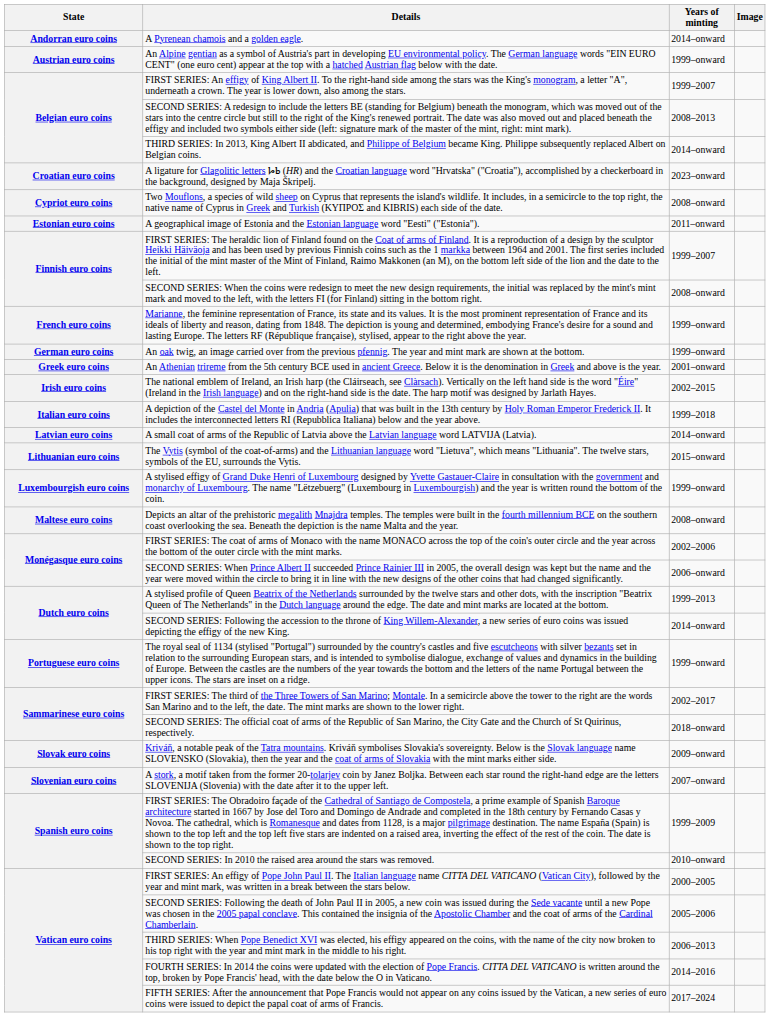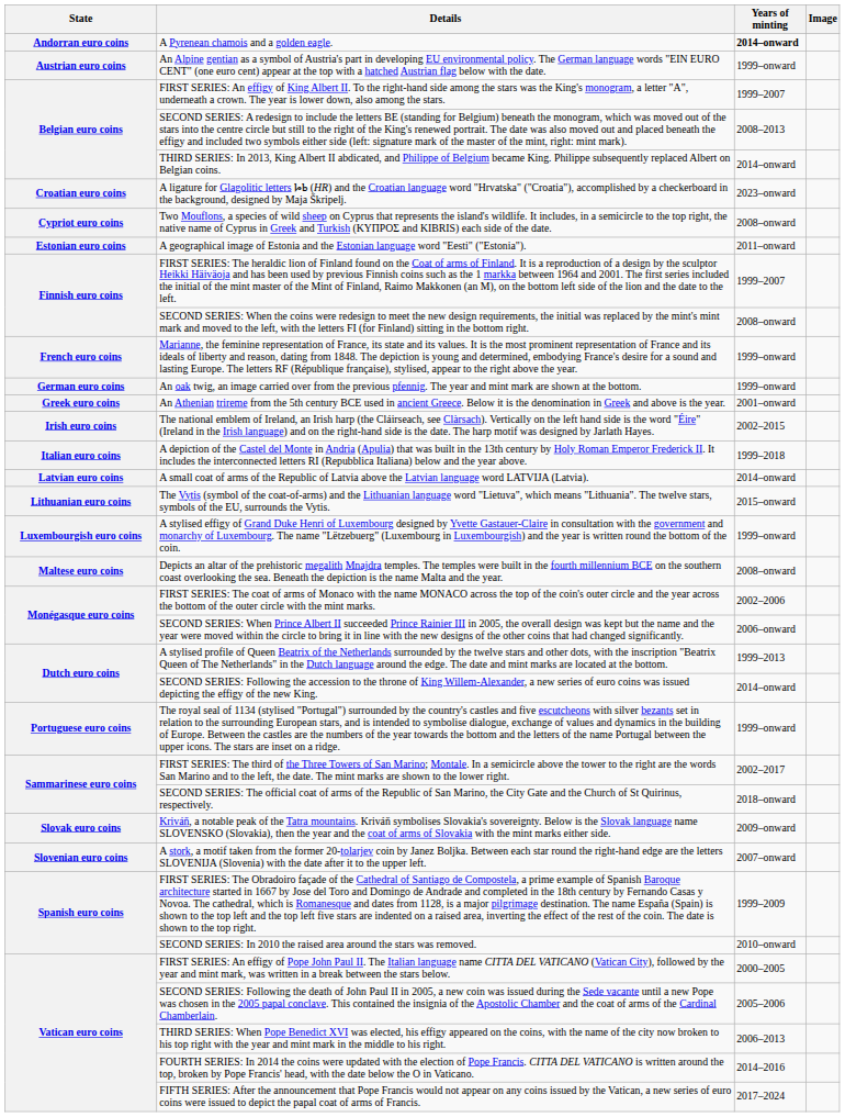 <table class="wikitable">
 <tr>
 <th width=220px>State</th>
 <th>Details</th>
 <th width=100px>Years of minting</th>
 <th>Image</th>
 </tr>
 <tr>
 <th> <a href='#'>Andorran euro coins</a></th>
 <td>A <a href='#'>Pyrenean chamois</a> and a <a href='#'>golden eagle</a>.</td>
-<td>2014–onward</td>
+<td><strong>2014–onward</strong></td>
 <td></td>
 </tr>
 <tr>
 <th> <a href='#'>Austrian euro coins</a></th>
 <td>An <a href='#'>Alpine</a> <a href='#'>gentian</a> as a symbol of Austria's part in developing <a href='#'>EU environmental policy</a>. The <a href='#'>German language</a> words "EIN EURO CENT" (one euro cent) appear at the top with a <a href='#'>hatched</a> <a href='#'>Austrian flag</a> below with the date.</td>
 <td>1999–onward</td>
 <td></td>
 </tr>
 <tr>
 <th rowspan=3> <a href='#'>Belgian euro coins</a></th>
 <td>FIRST SERIES: An <a href='#'>effigy</a> of <a href='#'>King Albert II</a>. To the right-hand side among the stars was the King's <a href='#'>monogram</a>, a letter "A", underneath a crown. The year is lower down, also among the stars.</td>
 <td>1999–2007</td>
 <td></td>
 </tr>
 <tr>
 <td>SECOND SERIES: A redesign to include the letters BE (standing for Belgium) beneath the monogram, which was moved out of the stars into the centre circle but still to the right of the King's renewed portrait. The date was also moved out and placed beneath the effigy and included two symbols either side (left: signature mark of the master of the mint, right: mint mark).</td>
 <td>2008–2013</td>
 <td></td>
 </tr>
 <tr>
 <td>THIRD SERIES: In 2013, King Albert II abdicated, and <a href='#'>Philippe of Belgium</a> became King. Philippe subsequently replaced Albert on Belgian coins.</td>
 <td>2014–onward</td>
 <td></td>
 </tr>
 <tr>
 <th> <a href='#'>Croatian euro coins</a></th>
 <td>A ligature for <a href='#'>Glagolitic letters</a> ⰘⰓ (<em>HR</em>) and the <a href='#'>Croatian language</a> word "Hrvatska" ("Croatia"), accomplished by a checkerboard in the background, designed by Maja Škripelj.</td>
 <td>2023–onward</td>
 <td></td>
 </tr>
 <tr>
 <th> <a href='#'>Cypriot euro coins</a></th>
 <td>Two <a href='#'>Mouflons</a>, a species of wild <a href='#'>sheep</a> on Cyprus that represents the island's wildlife. It includes, in a semicircle to the top right, the native name of Cyprus in <a href='#'>Greek</a> and <a href='#'>Turkish</a> (ΚΥΠΡΟΣ and KIBRIS) each side of the date.</td>
 <td>2008–onward</td>
 <td></td>
 </tr>
 <tr>
 <th> <a href='#'>Estonian euro coins</a></th>
 <td>A geographical image of Estonia and the <a href='#'>Estonian language</a> word "Eesti" ("Estonia").</td>
 <td>2011–onward</td>
 <td></td>
 </tr>
 <tr>
 <th rowspan=2> <a href='#'>Finnish euro coins</a></th>
 <td>FIRST SERIES: The heraldic lion of Finland found on the <a href='#'>Coat of arms of Finland</a>. It is a reproduction of a design by the sculptor <a href='#'>Heikki Häiväoja</a> and has been used by previous Finnish coins such as the 1 <a href='#'>markka</a> between 1964 and 2001. The first series included the initial of the mint master of the Mint of Finland, Raimo Makkonen (an M), on the bottom left side of the lion and the date to the left.</td>
 <td>1999–2007</td>
 <td></td>
 </tr>
 <tr>
 <td>SECOND SERIES: When the coins were redesign to meet the new design requirements, the initial was replaced by the mint's mint mark and moved to the left, with the letters FI (for Finland) sitting in the bottom right.</td>
 <td>2008–onward</td>
 <td></td>
 </tr>
 <tr>
 <th> <a href='#'>French euro coins</a></th>
 <td><a href='#'>Marianne</a>, the feminine representation of France, its state and its values. It is the most prominent representation of France and its ideals of liberty and reason, dating from 1848. The depiction is young and determined, embodying France's desire for a sound and lasting Europe. The letters RF (République française), stylised, appear to the right above the year.</td>
 <td>1999–onward</td>
 <td></td>
 </tr>
 <tr>
 <th> <a href='#'>German euro coins</a></th>
 <td>An <a href='#'>oak</a> twig, an image carried over from the previous <a href='#'>pfennig</a>. The year and mint mark are shown at the bottom.</td>
 <td>1999–onward</td>
 <td></td>
 </tr>
 <tr>
 <th> <a href='#'>Greek euro coins</a></th>
 <td>An <a href='#'>Athenian</a> <a href='#'>trireme</a> from the 5th century BCE used in <a href='#'>ancient Greece</a>. Below it is the denomination in <a href='#'>Greek</a> and above is the year.</td>
 <td>2001–onward</td>
 <td></td>
 </tr>
 <tr>
 <th> <a href='#'>Irish euro coins</a></th>
 <td>The national emblem of Ireland, an Irish harp (the Cláirseach, see <a href='#'>Clàrsach</a>). Vertically on the left hand side is the word "<a href='#'>Éire</a>" (Ireland in the <a href='#'>Irish language</a>) and on the right-hand side is the date. The harp motif was designed by Jarlath Hayes.</td>
 <td>2002–2015</td>
 <td></td>
 </tr>
 <tr>
 <th> <a href='#'>Italian euro coins</a></th>
 <td>A depiction of the <a href='#'>Castel del Monte</a> in <a href='#'>Andria</a> (<a href='#'>Apulia</a>) that was built in the 13th century by <a href='#'>Holy Roman Emperor Frederick II</a>. It includes the interconnected letters RI (Repubblica Italiana) below and the year above.</td>
 <td>1999–2018</td>
 <td></td>
 </tr>
 <tr>
 <th> <a href='#'>Latvian euro coins</a></th>
 <td>A small coat of arms of the Republic of Latvia above the <a href='#'>Latvian language</a> word LATVIJA (Latvia).</td>
 <td>2014–onward</td>
 <td></td>
 </tr>
 <tr>
 <th> <a href='#'>Lithuanian euro coins</a></th>
 <td>The <a href='#'>Vytis</a> (symbol of the coat-of-arms) and the <a href='#'>Lithuanian language</a> word "Lietuva", which means "Lithuania". The twelve stars, symbols of the EU, surrounds the Vytis.</td>
 <td>2015–onward</td>
 <td></td>
 </tr>
 <tr>
 <th> <a href='#'>Luxembourgish euro coins</a></th>
 <td>A stylised effigy of <a href='#'>Grand Duke Henri of Luxembourg</a> designed by <a href='#'>Yvette Gastauer-Claire</a> in consultation with the <a href='#'>government</a> and <a href='#'>monarchy of Luxembourg</a>.  The name "Lëtzebuerg" (Luxembourg in <a href='#'>Luxembourgish</a>) and the year is written round the bottom of the coin.</td>
 <td>1999–onward</td>
 <td></td>
 </tr>
 <tr>
 <th> <a href='#'>Maltese euro coins</a></th>
 <td>Depicts an altar of the prehistoric <a href='#'>megalith</a> <a href='#'>Mnajdra</a> temples. The temples were built in the <a href='#'>fourth millennium BCE</a> on the southern coast overlooking the sea. Beneath the depiction is the name Malta and the year.</td>
 <td>2008–onward</td>
 <td></td>
 </tr>
 <tr>
 <th rowspan=2> <a href='#'>Monégasque euro coins</a></th>
 <td>FIRST SERIES: The coat of arms of Monaco with the name MONACO across the top of the coin's outer circle and the year across the bottom of the outer circle with the mint marks.</td>
 <td>2002–2006</td>
 <td></td>
 </tr>
 <tr>
 <td>SECOND SERIES: When <a href='#'>Prince Albert II</a> succeeded <a href='#'>Prince Rainier III</a> in 2005, the overall design was kept but the name and the year were moved within the circle to bring it in line with the new designs of the other coins that had changed significantly.</td>
 <td>2006–onward</td>
 <td></td>
 </tr>
 <tr>
 <th rowspan=2> <a href='#'>Dutch euro coins</a></th>
 <td>A stylised profile of Queen <a href='#'>Beatrix of the Netherlands</a> surrounded by the twelve stars and other dots, with the inscription "Beatrix Queen of The Netherlands" in the <a href='#'>Dutch language</a> around the edge. The date and mint marks are located at the bottom.</td>
 <td>1999–2013</td>
 <td></td>
 </tr>
 <tr>
 <td>SECOND SERIES: Following the accession to the throne of <a href='#'>King Willem-Alexander</a>, a new series of euro coins was issued depicting the effigy of the new King.</td>
 <td>2014–onward</td>
 <td></td>
 </tr>
 <tr>
 <th> <a href='#'>Portuguese euro coins</a></th>
 <td>The royal seal of 1134 (stylised "Portugal") surrounded by the country's castles and five <a href='#'>escutcheons</a> with silver <a href='#'>bezants</a> set in relation to the surrounding European stars, and is intended to symbolise dialogue, exchange of values and dynamics in the building of Europe. Between the castles are the numbers of the year towards the bottom and the letters of the name Portugal between the upper icons. The stars are inset on a ridge.</td>
 <td>1999–onward</td>
 <td></td>
 </tr>
 <tr>
 <th rowspan=2> <a href='#'>Sammarinese euro coins</a></th>
 <td>FIRST SERIES: The third of <a href='#'>the Three Towers of San Marino</a>; <a href='#'>Montale</a>. In a semicircle above the tower to the right are the words San Marino and to the left, the date. The mint marks are shown to the lower right.</td>
 <td>2002–2017</td>
 <td></td>
 </tr>
 <tr>
 <td>SECOND SERIES: The official coat of arms of the Republic of San Marino, the City Gate and the Church of St Quirinus, respectively.</td>
 <td>2018–onward</td>
 <td></td>
 </tr>
 <tr>
 <th> <a href='#'>Slovak euro coins</a></th>
 <td><a href='#'>Kriváň</a>, a notable peak of the <a href='#'>Tatra mountains</a>. Kriváň symbolises Slovakia's sovereignty. Below is the <a href='#'>Slovak language</a> name SLOVENSKO (Slovakia), then the year and the <a href='#'>coat of arms of Slovakia</a> with the mint marks either side.</td>
 <td>2009–onward</td>
 <td></td>
 </tr>
 <tr>
 <th> <a href='#'>Slovenian euro coins</a></th>
 <td>A <a href='#'>stork</a>, a motif taken from the former 20-<a href='#'>tolarjev</a> coin by Janez Boljka. Between each star round the right-hand edge are the letters SLOVENIJA (Slovenia) with the date after it to the upper left.</td>
 <td>2007–onward</td>
 <td></td>
 </tr>
 <tr>
 <th rowspan=2> <a href='#'>Spanish euro coins</a></th>
 <td>FIRST SERIES: The Obradoiro façade of the <a href='#'>Cathedral of Santiago de Compostela</a>, a prime example of Spanish <a href='#'>Baroque architecture</a> started in 1667 by Jose del Toro and Domingo de Andrade and completed in the 18th century by Fernando Casas y Novoa. The cathedral, which is <a href='#'>Romanesque</a> and dates from 1128, is a major <a href='#'>pilgrimage</a> destination. The name España (Spain) is shown to the top left and the top left five stars are indented on a raised area, inverting the effect of the rest of the coin. The date is shown to the top right.</td>
 <td>1999–2009</td>
 <td></td>
 </tr>
 <tr>
 <td>SECOND SERIES: In 2010 the raised area around the stars was removed.</td>
 <td>2010–onward</td>
 <td></td>
 </tr>
 <tr>
 <th rowspan=5> <a href='#'>Vatican euro coins</a></th>
 <td>FIRST SERIES: An effigy of <a href='#'>Pope John Paul II</a>. The <a href='#'>Italian language</a> name <em>CITTA DEL VATICANO</em> (<a href='#'>Vatican City</a>), followed by the year and mint mark, was written in a break between the stars below.</td>
 <td>2000–2005</td>
 <td></td>
 </tr>
 <tr>
 <td>SECOND SERIES: Following the death of John Paul II in 2005, a new coin was issued during the <a href='#'>Sede vacante</a> until a new Pope was chosen in the <a href='#'>2005 papal conclave</a>. This contained the insignia of the <a href='#'>Apostolic Chamber</a> and the coat of arms of the <a href='#'>Cardinal Chamberlain</a>.</td>
 <td>2005–2006</td>
 <td></td>
 </tr>
 <tr>
 <td>THIRD SERIES: When <a href='#'>Pope Benedict XVI</a> was elected, his effigy appeared on the coins, with the name of the city now broken to his top right with the year and mint mark in the middle to his right.</td>
 <td>2006–2013</td>
 <td></td>
 </tr>
 <tr>
 <td>FOURTH SERIES: In 2014 the coins were updated with the election of <a href='#'>Pope Francis</a>. <em>CITTA DEL VATICANO</em> is written around the top, broken by Pope Francis' head, with the date below the O in Vaticano.</td>
 <td>2014–2016</td>
 <td></td>
 </tr>
 <tr>
 <td>FIFTH SERIES: After the announcement that Pope Francis would not appear on any coins issued by the Vatican, a new series of euro coins were issued to depict the papal coat of arms of Francis.</td>
 <td>2017–2024</td>
 <td></td>
 </tr>
 </table>
